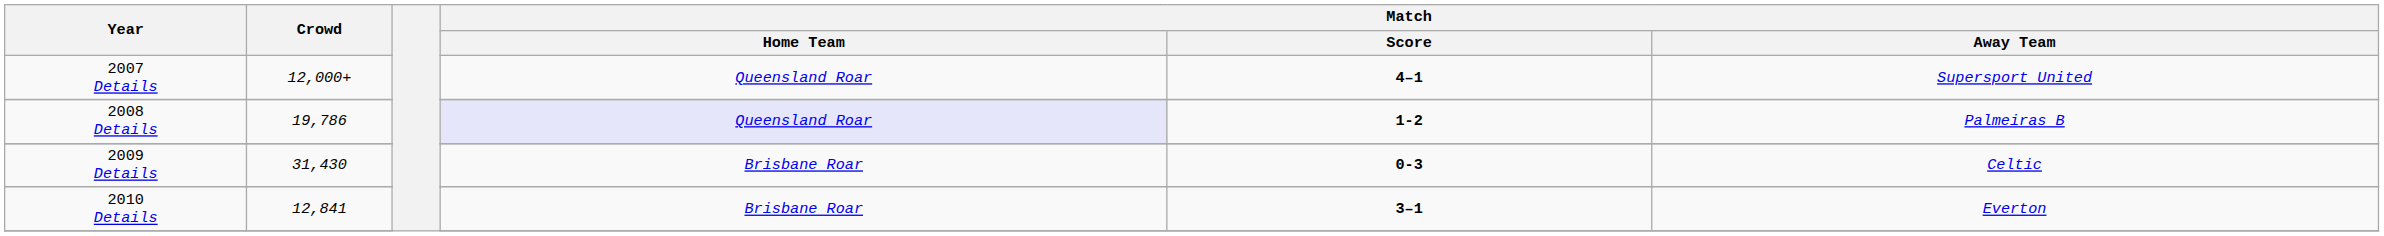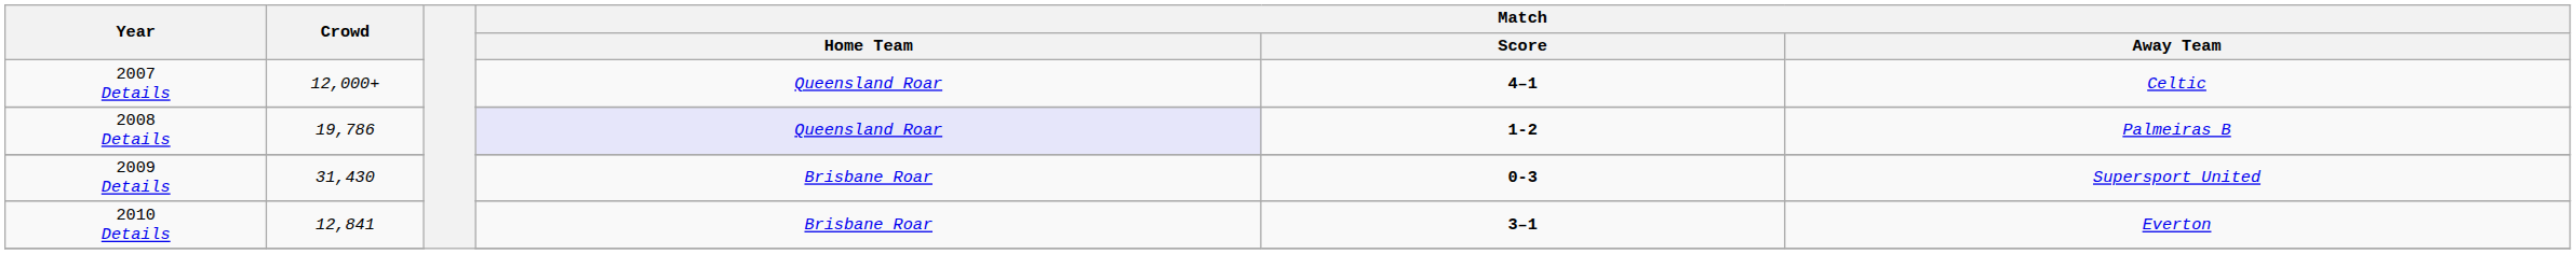 <table class="wikitable" style="font-size: 90%; text-align: center;">
 <tr>
 <th rowspan="2" width="5%">Year</th>
 <th rowspan="2" width="3%">Crowd</th>
 <th width="1%" rowspan="10"></th>
 <th colspan="3">Match</th>
 </tr>
 <tr>
 <th width="15%">Home Team</th>
 <th width="10%">Score</th>
 <th width="15%">Away Team</th>
 </tr>
 <tr>
 <td>2007<br><em><a href='#'>Details</a></em></td>
 <td><em>12,000+</em></td>
 <td><strong></strong> <em><a href='#'>Queensland Roar</a></em></td>
 <td><strong>4–1</strong></td>
-<td><strong></strong> <em><a href='#'>Supersport United</a></em></td>
+<td><strong></strong> <em><a href='#'>Celtic</a></em></td>
 </tr>
 <tr style="background: #D0E6FF;">
 </tr>
 <tr>
 <td>2008<br><em><a href='#'>Details</a></em></td>
 <td><em>19,786 </em></td>
 <td style="background: lavender;"><strong></strong> <em><a href='#'>Queensland Roar</a></em></td>
 <td><strong> 1-2 </strong></td>
 <td><strong></strong> <em><a href='#'>Palmeiras B</a></em></td>
 </tr>
 <tr style="background: #D0E6FF;">
 </tr>
 <tr>
 <td>2009<br><em><a href='#'>Details</a></em></td>
 <td><em>31,430 </em></td>
 <td><strong></strong> <em><a href='#'>Brisbane Roar</a></em></td>
 <td><strong> 0-3</strong></td>
-<td><strong></strong> <em><a href='#'>Celtic</a></em></td>
+<td><strong></strong> <em><a href='#'>Supersport United</a></em></td>
 </tr>
 <tr style="background: #D0E6FF;">
 </tr>
 <tr>
 <td>2010<br><em><a href='#'>Details</a></em></td>
 <td><em>12,841</em></td>
 <td><strong></strong> <em><a href='#'>Brisbane Roar</a></em></td>
 <td><strong>3–1</strong></td>
 <td><strong></strong> <em><a href='#'>Everton</a></em></td>
 </tr>
 <tr style="background: #D0E6FF;">
 </tr>
 </table>
